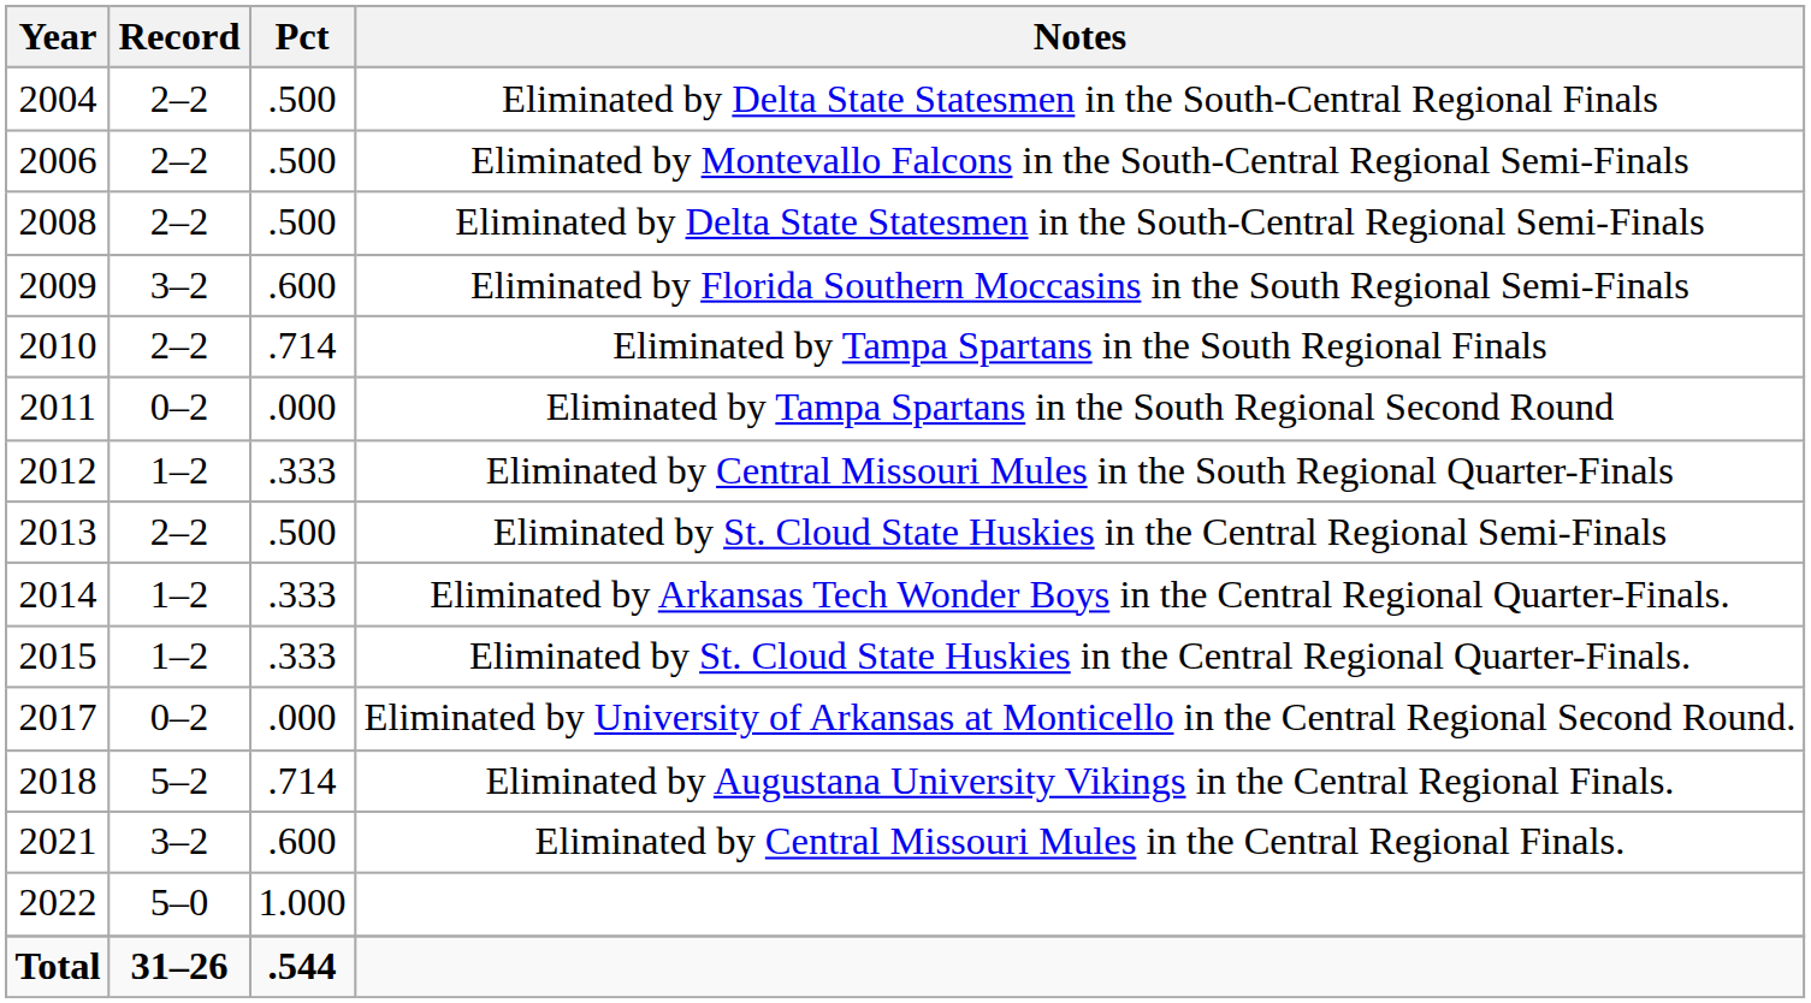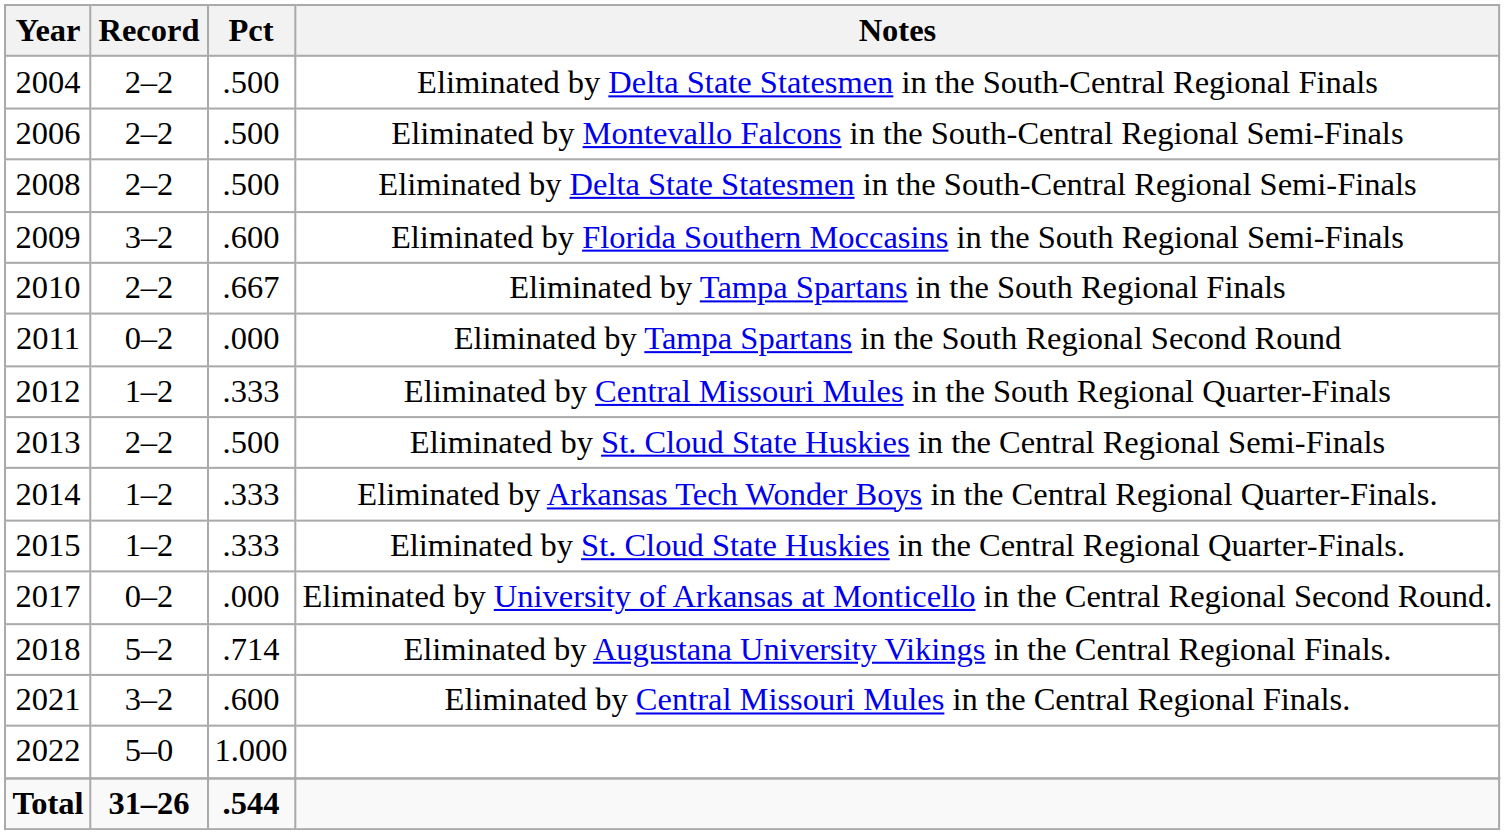 <table class="wikitable" style="text-align:center">
 <tr>
 <th>Year</th>
 <th>Record</th>
 <th>Pct</th>
 <th>Notes</th>
 </tr>
 <tr style="text-align:center; background:#fff;">
 <td>2004</td>
 <td>2–2</td>
 <td>.500</td>
 <td>Eliminated by <a href='#'>Delta State Statesmen</a> in the South-Central Regional Finals</td>
 </tr>
 <tr style="text-align:center; background:#fff;">
 <td>2006</td>
 <td>2–2</td>
 <td>.500</td>
 <td>Eliminated by <a href='#'>Montevallo Falcons</a> in the South-Central Regional Semi-Finals</td>
 </tr>
 <tr style="text-align:center; background:#fff;">
 <td>2008</td>
 <td>2–2</td>
 <td>.500</td>
 <td>Eliminated by <a href='#'>Delta State Statesmen</a> in the South-Central Regional Semi-Finals</td>
 </tr>
 <tr style="text-align:center; background:#fff;">
 <td>2009</td>
 <td>3–2</td>
 <td>.600</td>
 <td>Eliminated by <a href='#'>Florida Southern Moccasins</a> in the South Regional Semi-Finals</td>
 </tr>
 <tr style="text-align:center; background:#fff;">
 <td>2010</td>
 <td>2–2</td>
-<td>.714</td>
+<td>.667</td>
 <td>Eliminated by <a href='#'>Tampa Spartans</a> in the South Regional Finals</td>
 </tr>
 <tr style="text-align:center; background:#fff;">
 <td>2011</td>
 <td>0–2</td>
 <td>.000</td>
 <td>Eliminated by <a href='#'>Tampa Spartans</a> in the South Regional Second Round</td>
 </tr>
 <tr style="text-align:center; background:#fff;">
 <td>2012</td>
 <td>1–2</td>
 <td>.333</td>
 <td>Eliminated by <a href='#'>Central Missouri Mules</a> in the South Regional Quarter-Finals</td>
 </tr>
 <tr style="text-align:center; background:#fff;">
 <td>2013</td>
 <td>2–2</td>
 <td>.500</td>
 <td>Eliminated by <a href='#'>St. Cloud State Huskies</a> in the Central Regional Semi-Finals</td>
 </tr>
 <tr style="text-align:center; background:#fff;">
 <td>2014</td>
 <td>1–2</td>
 <td>.333</td>
 <td>Eliminated by <a href='#'>Arkansas Tech Wonder Boys</a> in the Central Regional Quarter-Finals.</td>
 </tr>
 <tr style="text-align:center; background:#fff;">
 <td>2015</td>
 <td>1–2</td>
 <td>.333</td>
 <td>Eliminated by <a href='#'>St. Cloud State Huskies</a> in the Central Regional Quarter-Finals.</td>
 </tr>
 <tr style="text-align:center; background:#fff;">
 <td>2017</td>
 <td>0–2</td>
 <td>.000</td>
 <td>Eliminated by <a href='#'>University of Arkansas at Monticello</a> in the Central Regional Second Round.</td>
 </tr>
 <tr style="text-align:center; background:#fff;">
 <td>2018</td>
 <td>5–2</td>
 <td>.714</td>
 <td>Eliminated by <a href='#'>Augustana University Vikings</a> in the Central Regional Finals.</td>
 </tr>
 <tr style="text-align:center; background:#fff;">
 <td>2021</td>
 <td>3–2</td>
 <td>.600</td>
 <td>Eliminated by <a href='#'>Central Missouri Mules</a> in the Central Regional Finals.</td>
 </tr>
 <tr style="text-align:center; background:#fff;">
 <td>2022</td>
 <td>5–0</td>
 <td>1.000</td>
 <td></td>
 </tr>
 <tr style="text-align:center; background:#fff;">
 </tr>
 <tr class="sortbottom">
 <td><strong>Total</strong></td>
 <td><strong>31–26</strong></td>
 <td><strong>.544</strong></td>
 <td></td>
 </tr>
 </table>
